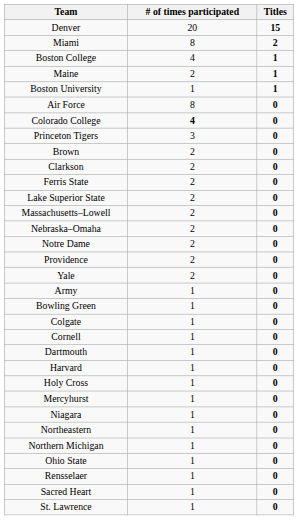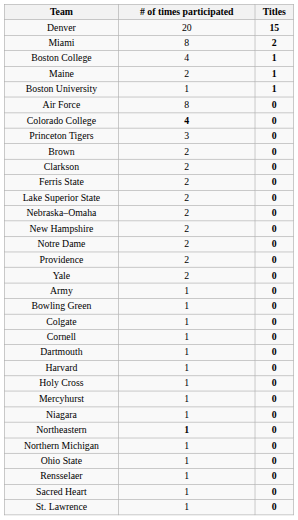 <table class="wikitable sortable" style="text-align:center" cellpadding=2 cellspacing=2 width=30%>
 <tr>
 <th>Team</th>
 <th># of times participated</th>
 <th><strong>Titles</strong></th>
 </tr>
 <tr>
 <td>Denver</td>
 <td>20</td>
 <td><strong>15</strong></td>
 </tr>
 <tr>
 <td>Miami</td>
 <td>8</td>
 <td><strong>2</strong></td>
 </tr>
 <tr>
 <td>Boston College</td>
 <td>4</td>
 <td><strong>1</strong></td>
 </tr>
 <tr>
 <td>Maine</td>
 <td>2</td>
 <td><strong>1</strong></td>
 </tr>
 <tr>
 <td>Boston University</td>
 <td>1</td>
 <td><strong>1</strong></td>
 </tr>
 <tr>
 <td>Air Force</td>
 <td>8</td>
 <td><strong>0</strong></td>
 </tr>
 <tr>
 <td>Colorado College</td>
 <td><strong>4</strong></td>
 <td><strong>0</strong></td>
 </tr>
 <tr>
 <td>Princeton Tigers</td>
 <td>3</td>
 <td><strong>0</strong></td>
 </tr>
 <tr>
 <td>Brown</td>
 <td>2</td>
 <td><strong>0</strong></td>
 </tr>
 <tr>
 <td>Clarkson</td>
 <td>2</td>
 <td><strong>0</strong></td>
 </tr>
 <tr>
 <td>Ferris State</td>
 <td>2</td>
 <td><strong>0</strong></td>
 </tr>
 <tr>
 <td>Lake Superior State</td>
 <td>2</td>
 <td><strong>0</strong></td>
 </tr>
 <tr>
-<td>Massachusetts–Lowell</td>
+<td>Nebraska–Omaha</td>
 <td>2</td>
 <td><strong>0</strong></td>
 </tr>
 <tr>
-<td>Nebraska–Omaha</td>
+<td>New Hampshire</td>
 <td>2</td>
 <td><strong>0</strong></td>
 </tr>
 <tr>
 <td>Notre Dame</td>
 <td>2</td>
 <td><strong>0</strong></td>
 </tr>
 <tr>
 <td>Providence</td>
 <td>2</td>
 <td><strong>0</strong></td>
 </tr>
 <tr>
 <td>Yale</td>
 <td>2</td>
 <td><strong>0</strong></td>
 </tr>
 <tr>
 <td>Army</td>
 <td>1</td>
 <td><strong>0</strong></td>
 </tr>
 <tr>
 <td>Bowling Green</td>
 <td>1</td>
 <td><strong>0</strong></td>
 </tr>
 <tr>
 <td>Colgate</td>
 <td>1</td>
 <td><strong>0</strong></td>
 </tr>
 <tr>
 <td>Cornell</td>
 <td>1</td>
 <td><strong>0</strong></td>
 </tr>
 <tr>
 <td>Dartmouth</td>
 <td>1</td>
 <td><strong>0</strong></td>
 </tr>
 <tr>
 <td>Harvard</td>
 <td>1</td>
 <td><strong>0</strong></td>
 </tr>
 <tr>
 <td>Holy Cross</td>
 <td>1</td>
 <td><strong>0</strong></td>
 </tr>
 <tr>
 <td>Mercyhurst</td>
 <td>1</td>
 <td><strong>0</strong></td>
 </tr>
 <tr>
 <td>Niagara</td>
 <td>1</td>
 <td><strong>0</strong></td>
 </tr>
 <tr>
 <td>Northeastern</td>
-<td>1</td>
+<td><strong>1</strong></td>
 <td><strong>0</strong></td>
 </tr>
 <tr>
 <td>Northern Michigan</td>
 <td>1</td>
 <td><strong>0</strong></td>
 </tr>
 <tr>
 <td>Ohio State</td>
 <td>1</td>
 <td><strong>0</strong></td>
 </tr>
 <tr>
 <td>Rensselaer</td>
 <td>1</td>
 <td><strong>0</strong></td>
 </tr>
 <tr>
 <td>Sacred Heart</td>
 <td>1</td>
 <td><strong>0</strong></td>
 </tr>
 <tr>
 <td>St. Lawrence</td>
 <td>1</td>
 <td><strong>0</strong></td>
 </tr>
 </table>
